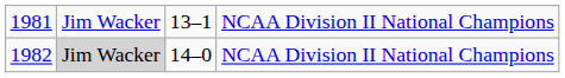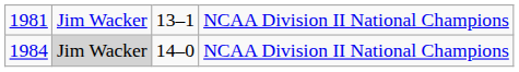 <table class="wikitable">
 <tr style="text-align:center;">
 <td><a href='#'>1981</a></td>
 <td><a href='#'>Jim Wacker</a></td>
 <td>13–1</td>
 <td><a href='#'>NCAA Division II National Champions</a></td>
 </tr>
 <tr style="text-align:center;">
-<td><a href='#'>1982</a></td>
+<td><a href='#'>1984</a></td>
 <td style="background: lightgrey;">Jim Wacker</td>
 <td>14–0</td>
 <td><a href='#'>NCAA Division II National Champions</a></td>
 </tr>
 </table>
